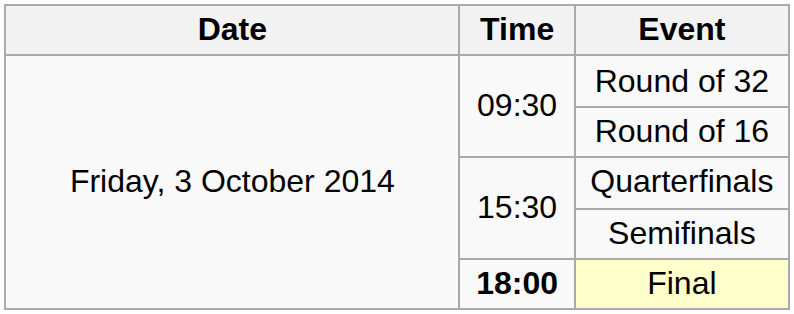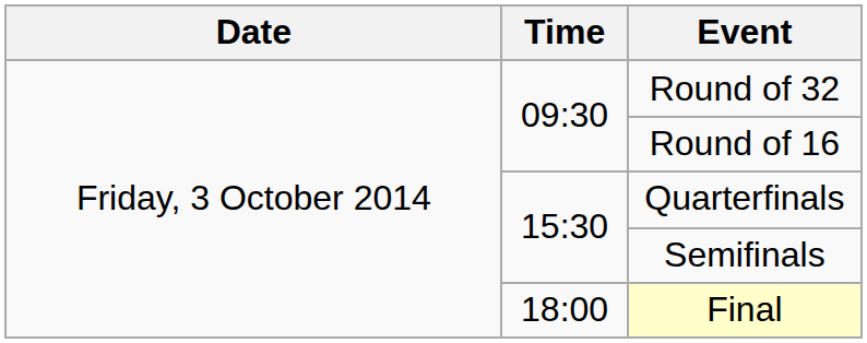 <table class = "wikitable" style="text-align:center;">
 <tr>
 <th width=220>Date</th>
 <th width=50>Time</th>
 <th width=100>Event</th>
 </tr>
 <tr>
 <td rowspan=5>Friday, 3 October 2014</td>
 <td rowspan=2>09:30</td>
 <td>Round of 32</td>
 </tr>
 <tr>
 <td>Round of 16</td>
 </tr>
 <tr>
 <td rowspan=2>15:30</td>
 <td>Quarterfinals</td>
 </tr>
 <tr>
 <td>Semifinals</td>
 </tr>
 <tr>
-<td><strong>18:00</strong></td>
+<td>18:00</td>
 <td bgcolor=ffffcc>Final</td>
 </tr>
 </table>
